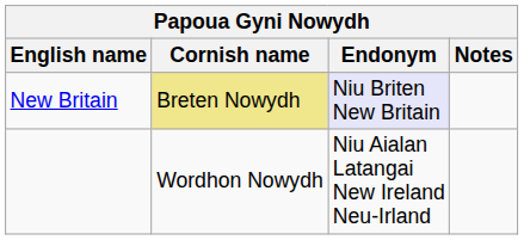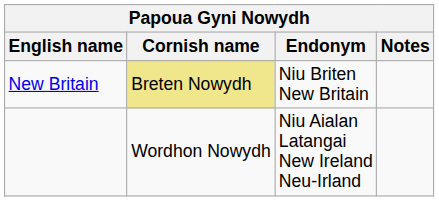 <table class="wikitable sortable">
 <tr>
 <th colspan="24"> Papoua Gyni Nowydh</th>
 </tr>
 <tr>
 <th>English name</th>
 <th>Cornish name</th>
 <th>Endonym</th>
 <th>Notes</th>
 </tr>
 <tr>
 <td><a href='#'>New Britain</a></td>
 <td style="background: khaki;">Breten Nowydh</td>
-<td style="background: lavender;">Niu Briten<br>New Britain</td>
+<td>Niu Briten<br>New Britain</td>
 <td></td>
 </tr>
 <tr>
 <td></td>
 <td>Wordhon Nowydh</td>
 <td>Niu Aialan<br>Latangai<br>New Ireland<br>Neu-Irland</td>
 <td></td>
 </tr>
 </table>
